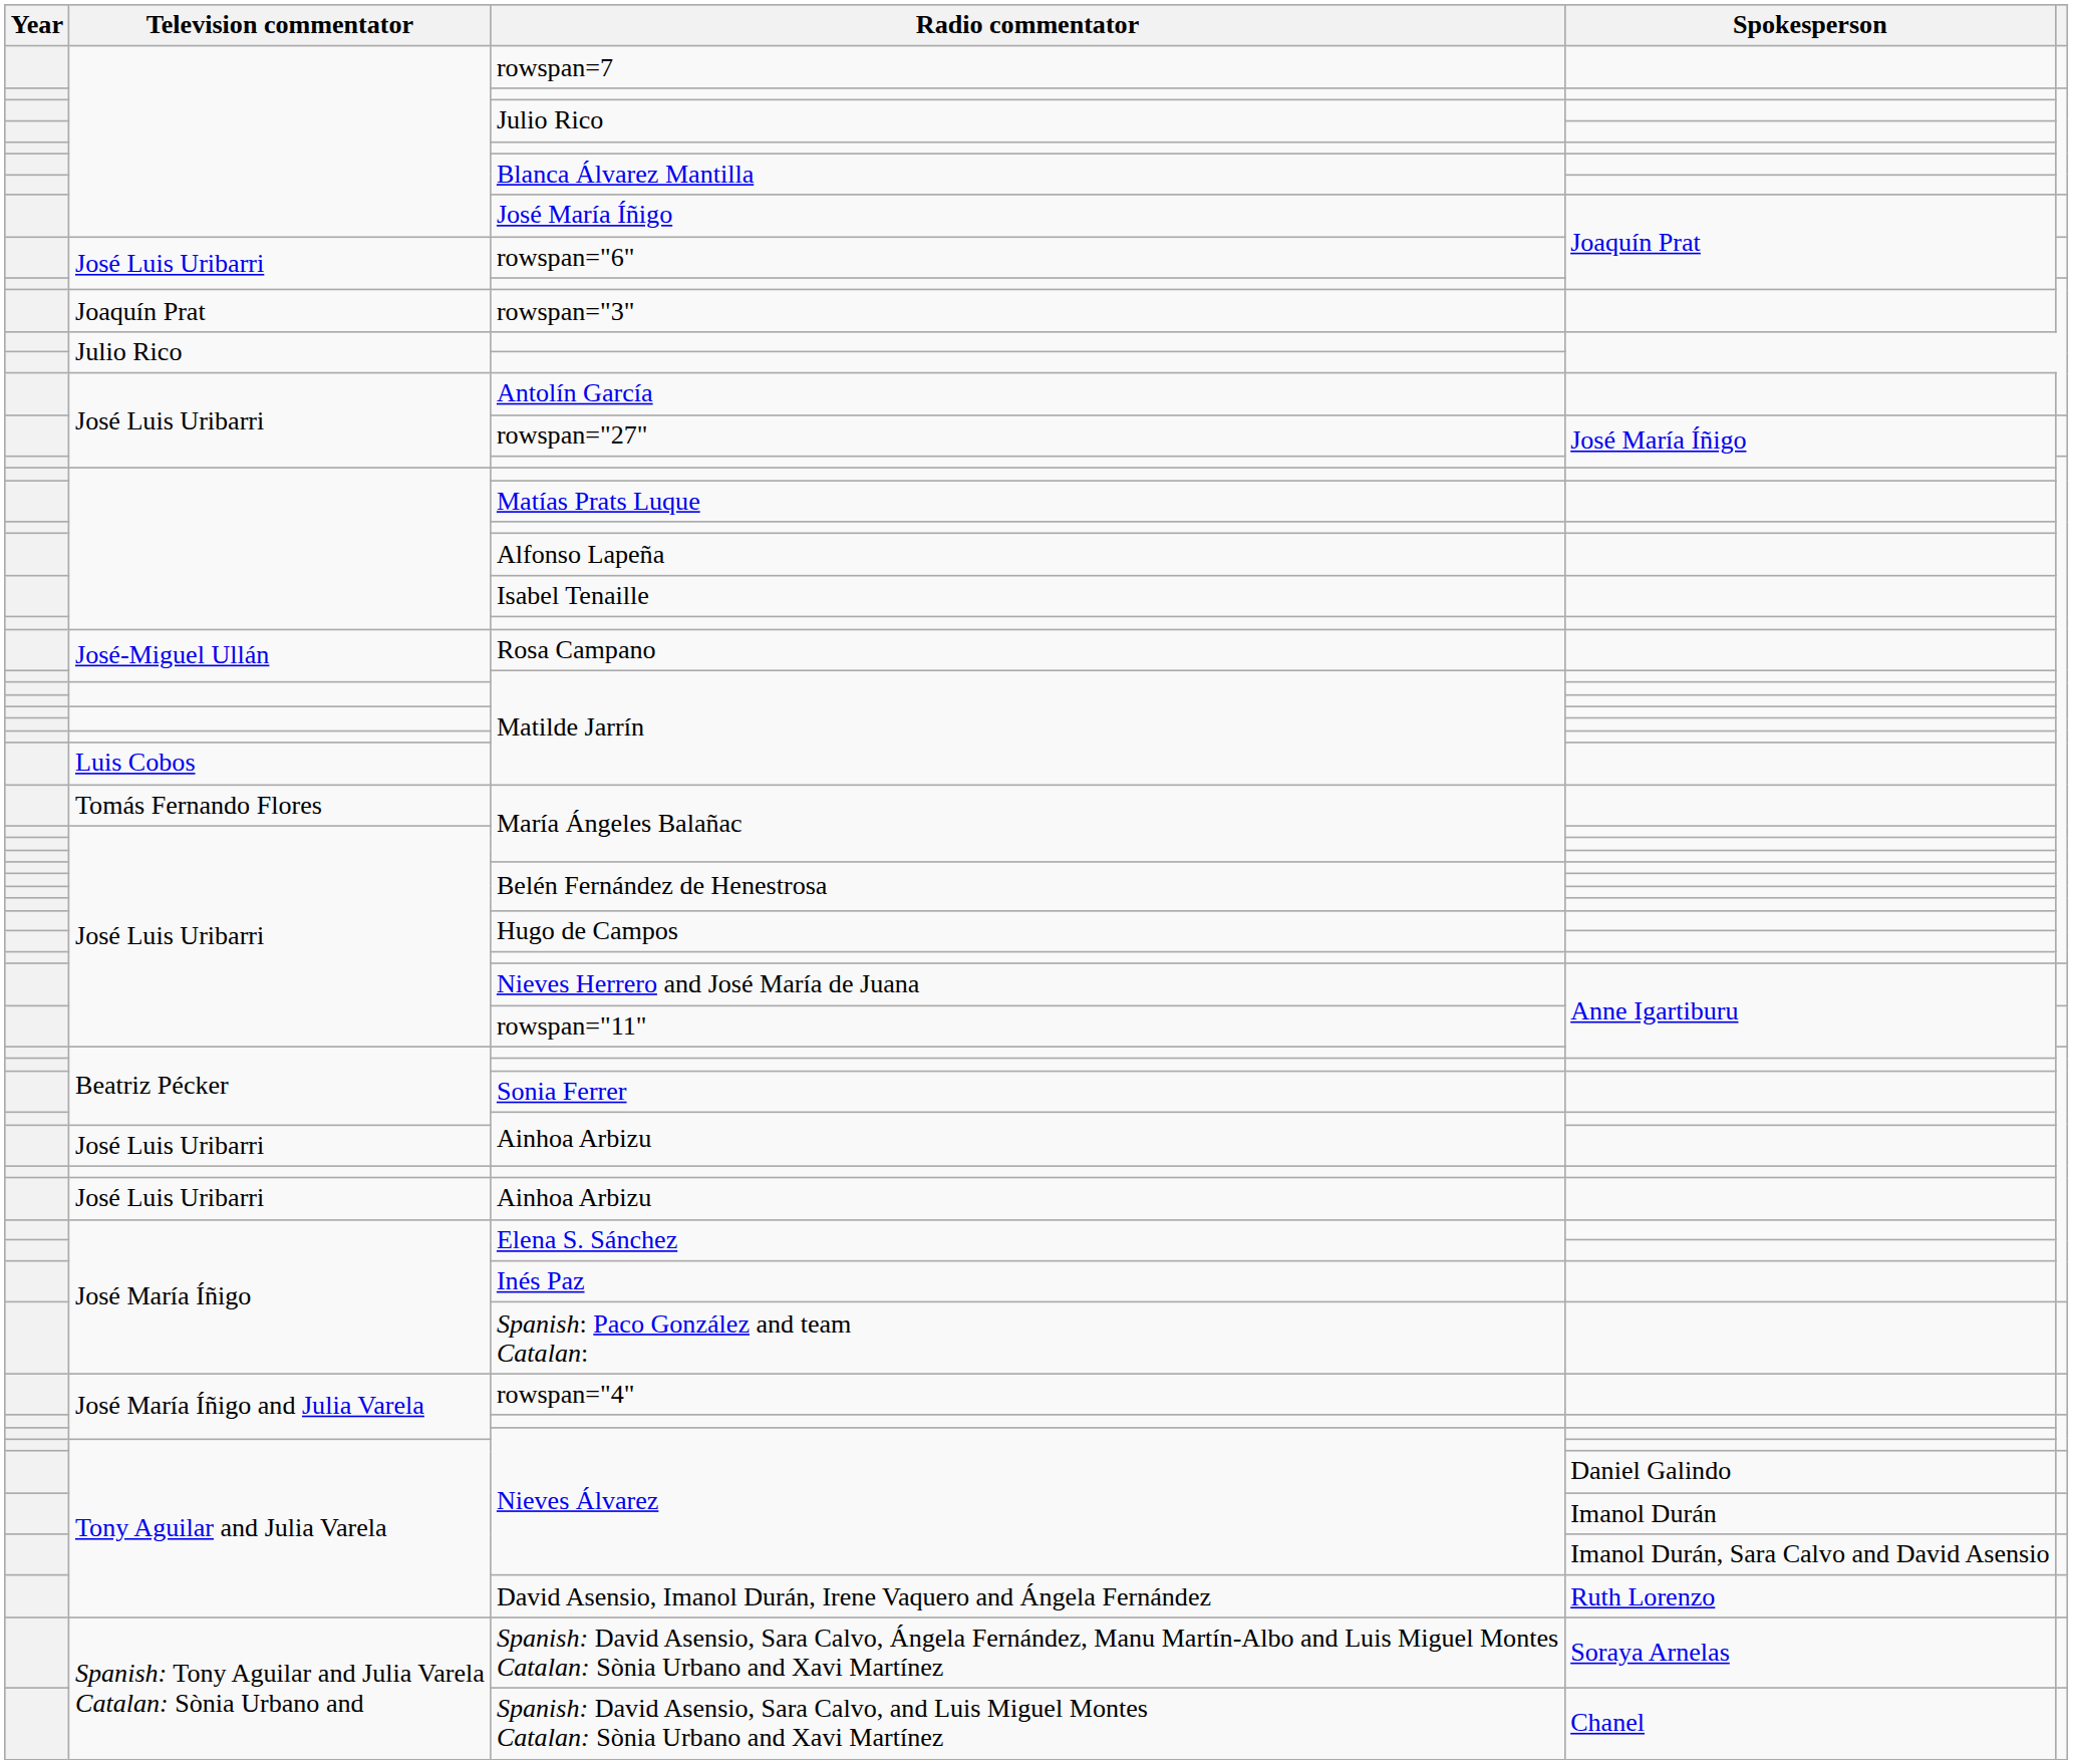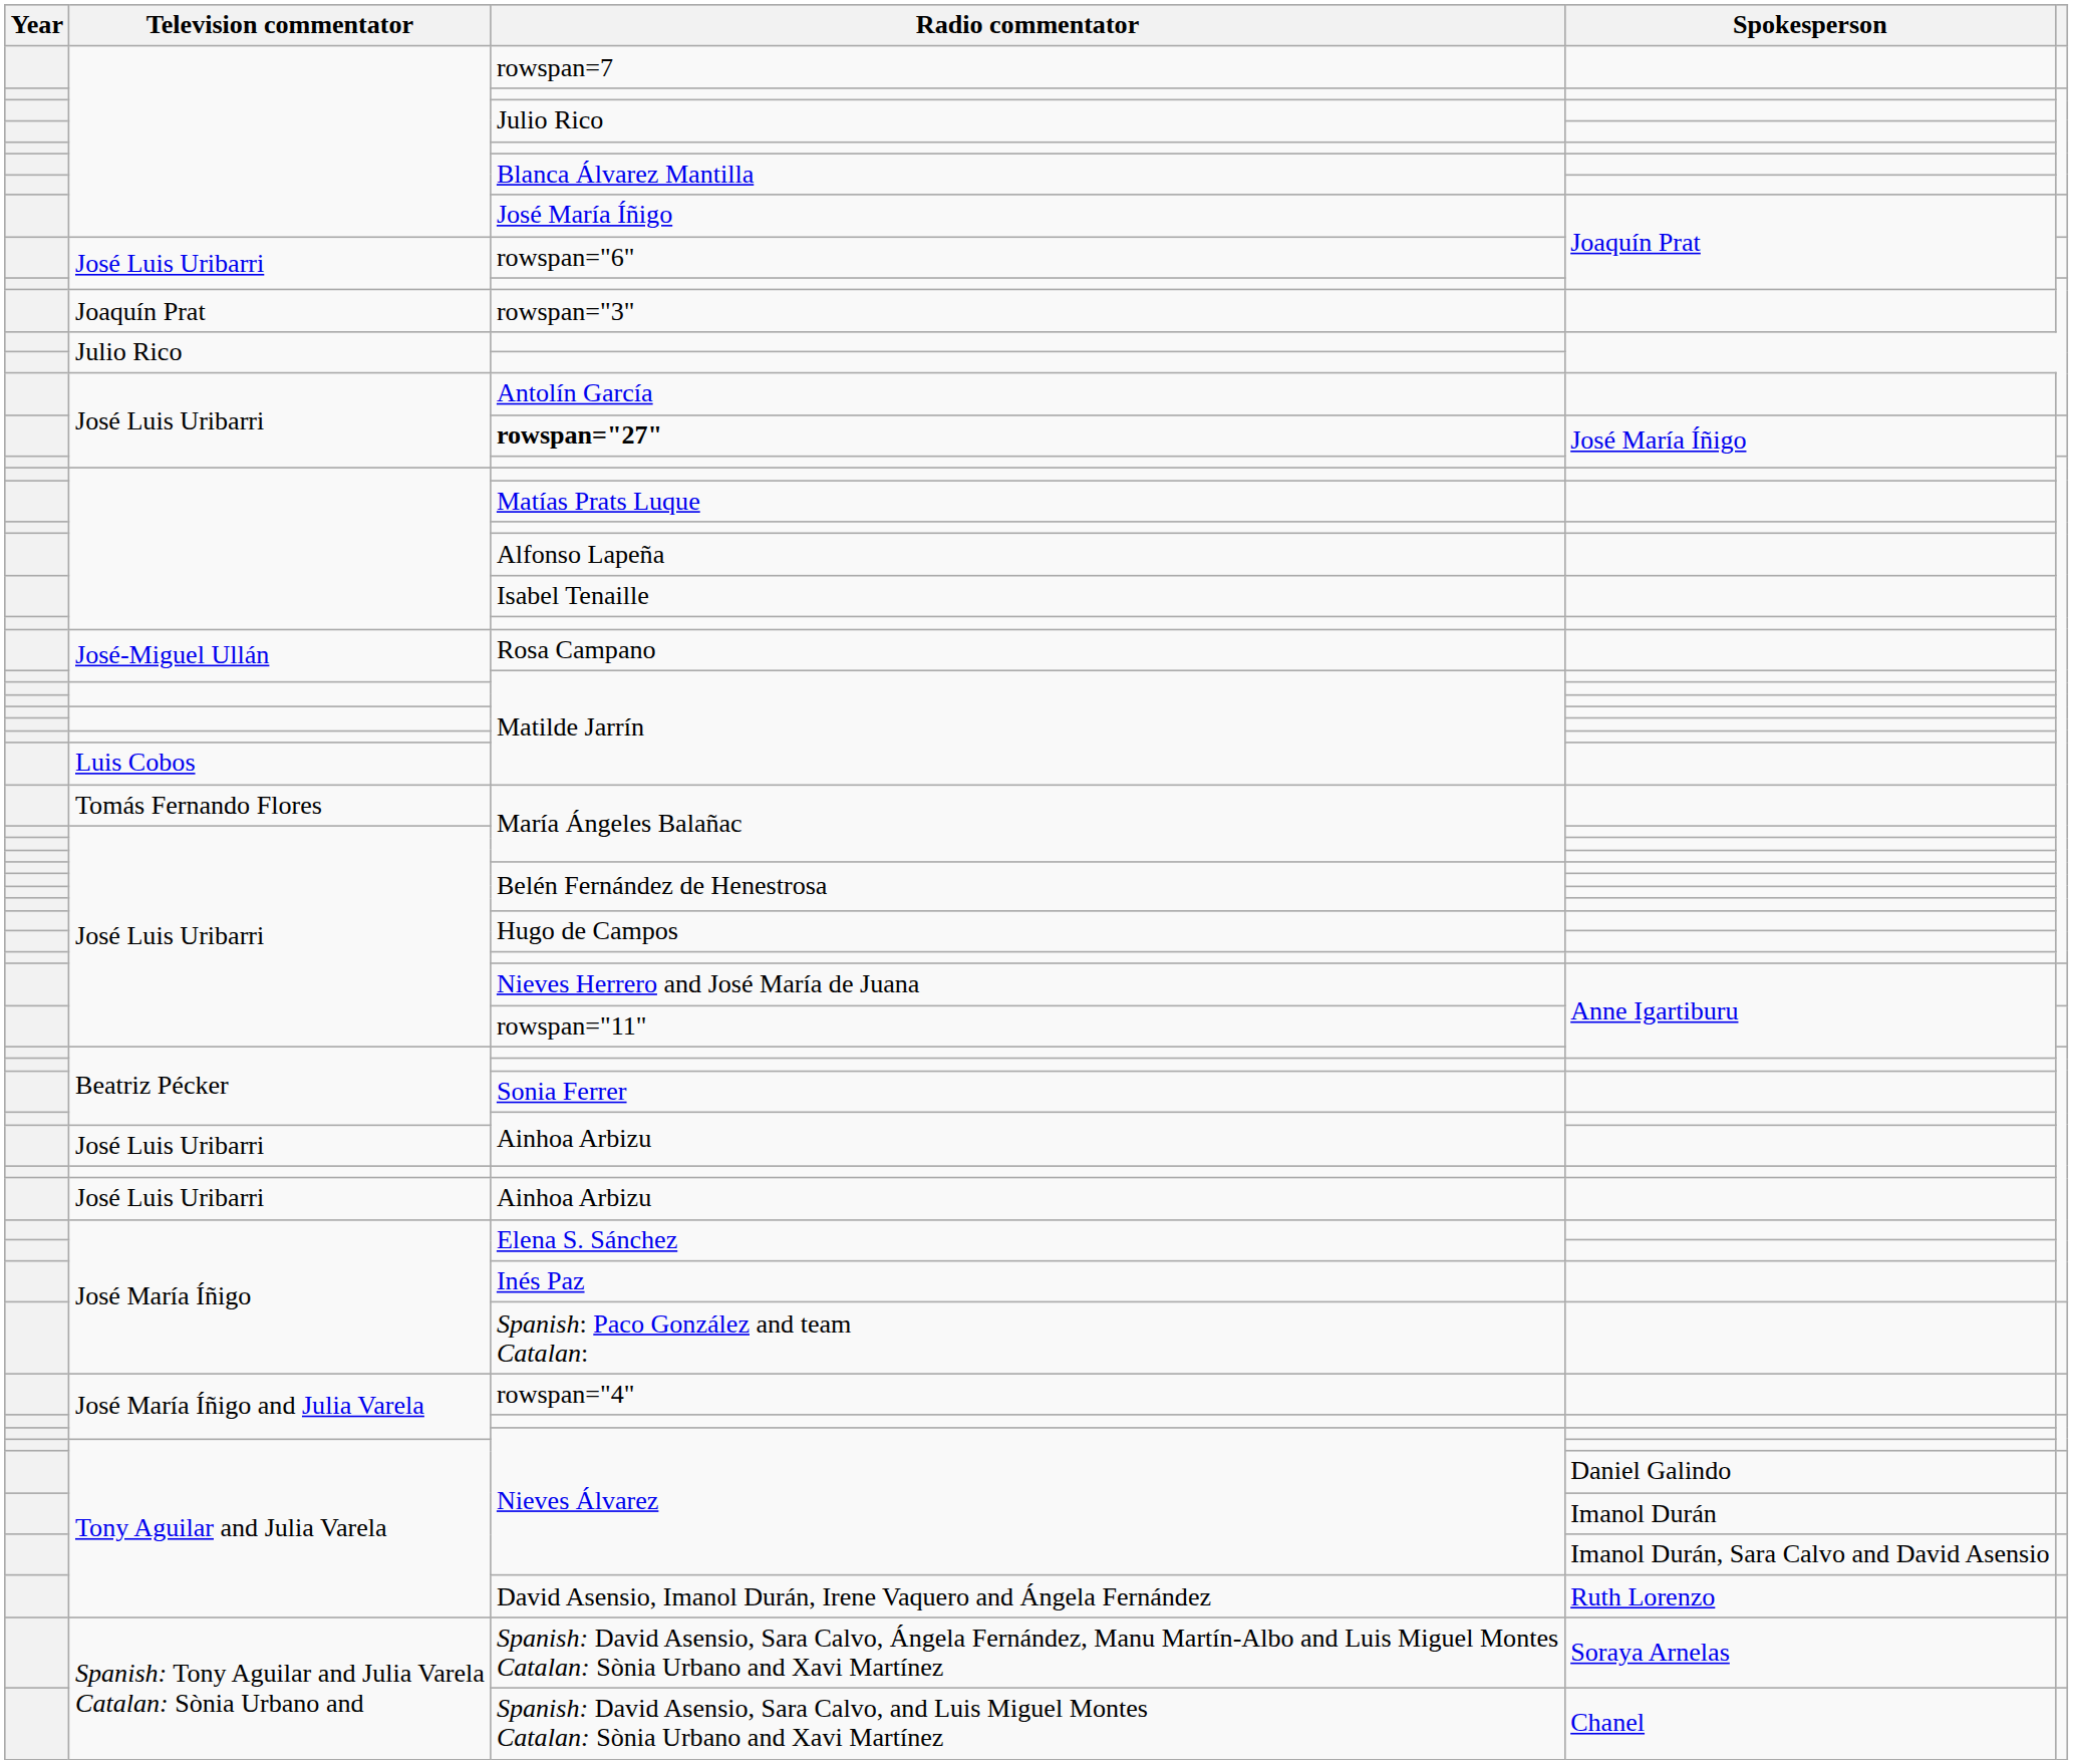 <table class="wikitable sortable plainrowheaders" text-align: left;">
 <tr>
 <th>Year</th>
 <th>Television commentator</th>
 <th>Radio commentator</th>
 <th>Spokesperson</th>
 <th class="unsortable"></th>
 </tr>
 <tr>
 <th scope="row"></th>
 <td rowspan="8"></td>
 <td>rowspan=7</td>
 <td></td>
 <td></td>
 </tr>
 <tr>
 <th scope="row"></th>
 <td></td>
 <td></td>
 </tr>
 <tr>
 <th scope="row"></th>
 <td rowspan="2">Julio Rico</td>
 <td></td>
 </tr>
 <tr>
 <th scope="row"></th>
 <td></td>
 </tr>
 <tr>
 <th scope="row"></th>
 <td></td>
 <td></td>
 </tr>
 <tr>
 <th scope="row"></th>
 <td rowspan="2"><a href='#'>Blanca Álvarez Mantilla</a></td>
 <td></td>
 </tr>
 <tr>
 <th scope="row"></th>
 <td></td>
 </tr>
 <tr>
 <th scope="row"></th>
 <td rowspan="1"><a href='#'>José María Íñigo</a></td>
 <td rowspan="3"><a href='#'>Joaquín Prat</a></td>
 <td></td>
 </tr>
 <tr>
 <th scope="row"></th>
 <td rowspan="2"><a href='#'>José Luis Uribarri</a></td>
 <td>rowspan="6"</td>
 <td></td>
 </tr>
 <tr>
 <th scope="row"></th>
 <td></td>
 </tr>
 <tr>
 <th scope="row"></th>
 <td>Joaquín Prat</td>
 <td>rowspan="3" </td>
 <td></td>
 </tr>
 <tr>
 <th scope="row"></th>
 <td rowspan="2">Julio Rico</td>
 <td></td>
 </tr>
 <tr>
 <th scope="row"></th>
 <td></td>
 </tr>
 <tr>
 <th scope="row"></th>
 <td rowspan="3">José Luis Uribarri</td>
 <td><a href='#'>Antolín García</a></td>
 <td></td>
 </tr>
 <tr>
 <th scope="row"></th>
-<td>rowspan="27"</td>
+<td><strong>rowspan="27"</strong></td>
 <td rowspan="2"><a href='#'>José María Íñigo</a></td>
 <td></td>
 </tr>
 <tr>
 <th scope="row"></th>
 <td></td>
 </tr>
 <tr>
 <th scope="row"></th>
 <td rowspan="6"></td>
 <td></td>
 <td></td>
 </tr>
 <tr>
 <th scope="row"></th>
 <td><a href='#'>Matías Prats Luque</a></td>
 <td></td>
 </tr>
 <tr>
 <th scope="row"></th>
 <td></td>
 <td></td>
 </tr>
 <tr>
 <th scope="row"></th>
 <td>Alfonso Lapeña</td>
 <td></td>
 </tr>
 <tr>
 <th scope="row"></th>
 <td>Isabel Tenaille</td>
 <td></td>
 </tr>
 <tr>
 <th scope="row"></th>
 <td></td>
 <td></td>
 </tr>
 <tr>
 <th scope="row"></th>
 <td rowspan="2"><a href='#'>José-Miguel Ullán</a></td>
 <td>Rosa Campano</td>
 <td></td>
 </tr>
 <tr>
 <th scope="row"></th>
 <td rowspan="7">Matilde Jarrín</td>
 <td></td>
 </tr>
 <tr>
 <th scope="row"></th>
 <td rowspan="2"></td>
 <td></td>
 </tr>
 <tr>
 <th scope="row"></th>
 <td></td>
 </tr>
 <tr>
 <th scope="row"></th>
 <td rowspan="2"></td>
 <td></td>
 </tr>
 <tr>
 <th scope="row"></th>
 <td></td>
 </tr>
 <tr>
 <th scope="row"></th>
 <td></td>
 <td></td>
 </tr>
 <tr>
 <th scope="row"></th>
 <td><a href='#'>Luis Cobos</a></td>
 <td></td>
 </tr>
 <tr>
 <th scope="row"></th>
 <td>Tomás Fernando Flores</td>
 <td rowspan="4">María Ángeles Balañac</td>
 <td></td>
 </tr>
 <tr>
 <th scope="row"></th>
 <td rowspan="12">José Luis Uribarri</td>
 <td></td>
 </tr>
 <tr>
 <th scope="row"></th>
 <td></td>
 </tr>
 <tr>
 <th scope="row"></th>
 <td></td>
 </tr>
 <tr>
 <th scope="row"></th>
 <td rowspan="4">Belén Fernández de Henestrosa</td>
 <td></td>
 </tr>
 <tr>
 <th scope="row"></th>
 <td></td>
 </tr>
 <tr>
 <th scope="row"></th>
 <td></td>
 </tr>
 <tr>
 <th scope="row"></th>
 <td></td>
 </tr>
 <tr>
 <th scope="row"></th>
 <td rowspan="2">Hugo de Campos</td>
 <td></td>
 </tr>
 <tr>
 <th scope="row"></th>
 <td></td>
 </tr>
 <tr>
 <th scope="row"></th>
 <td></td>
 <td></td>
 </tr>
 <tr>
 <th scope="row"></th>
 <td rowspan="1"><a href='#'>Nieves Herrero</a> and José María de Juana</td>
 <td rowspan="3"><a href='#'>Anne Igartiburu</a></td>
 <td></td>
 </tr>
 <tr>
 <th scope="row"></th>
 <td>rowspan="11"</td>
 <td></td>
 </tr>
 <tr>
 <th scope="row"></th>
 <td rowspan="4">Beatriz Pécker</td>
 <td></td>
 </tr>
 <tr>
 <th scope="row"></th>
 <td></td>
 <td></td>
 </tr>
 <tr>
 <th scope="row"></th>
 <td><a href='#'>Sonia Ferrer</a></td>
 <td></td>
 </tr>
 <tr>
 <th scope="row"></th>
 <td rowspan="2">Ainhoa Arbizu</td>
 <td></td>
 </tr>
 <tr>
 <th scope="row"></th>
 <td>José Luis Uribarri</td>
 <td></td>
 </tr>
 <tr>
 <th scope="row"></th>
 <td></td>
 <td></td>
 <td></td>
 </tr>
 <tr>
 <th scope="row"></th>
 <td>José Luis Uribarri</td>
 <td>Ainhoa Arbizu</td>
 <td></td>
 </tr>
 <tr>
 <th scope="row"></th>
 <td rowspan="4">José María Íñigo</td>
 <td rowspan="2"><a href='#'>Elena S. Sánchez</a></td>
 <td></td>
 </tr>
 <tr>
 <th scope="row"></th>
 <td></td>
 </tr>
 <tr>
 <th scope="row"></th>
 <td><a href='#'>Inés Paz</a></td>
 <td></td>
 </tr>
 <tr>
 <th scope="row"></th>
 <td><em>Spanish</em>: <a href='#'>Paco González</a> and  team<br><em>Catalan</em>: </td>
 <td></td>
 <td></td>
 </tr>
 <tr>
 <th scope="row"></th>
 <td rowspan="3">José María Íñigo and <a href='#'>Julia Varela</a></td>
 <td>rowspan="4"</td>
 <td></td>
 <td></td>
 </tr>
 <tr>
 <th scope="row"></th>
 <td></td>
 <td></td>
 </tr>
 <tr>
 <th scope="row"></th>
 <td rowspan="5"><a href='#'>Nieves Álvarez</a></td>
 <td></td>
 </tr>
 <tr>
 <th scope="row"></th>
 <td rowspan="5"><a href='#'>Tony Aguilar</a> and Julia Varela</td>
 <td></td>
 </tr>
 <tr>
 <th scope="row"></th>
 <td rowspan="1">Daniel Galindo</td>
 <td></td>
 </tr>
 <tr>
 <th scope="row"></th>
 <td rowspan="1">Imanol Durán</td>
 <td></td>
 </tr>
 <tr>
 <th scope="row"></th>
 <td>Imanol Durán, Sara Calvo and David Asensio</td>
 <td></td>
 </tr>
 <tr>
 <th scope="row"></th>
 <td>David Asensio, Imanol Durán, Irene Vaquero and Ángela Fernández</td>
 <td><a href='#'>Ruth Lorenzo</a></td>
 <td></td>
 </tr>
 <tr>
 <th scope="row"></th>
 <td rowspan="2"><em>Spanish:</em> Tony Aguilar and Julia Varela<br><em>Catalan:</em> Sònia Urbano and </td>
 <td><em>Spanish:</em> David Asensio, Sara Calvo, Ángela Fernández, Manu Martín-Albo and Luis Miguel Montes<br><em>Catalan:</em> Sònia Urbano and Xavi Martínez</td>
 <td><a href='#'>Soraya Arnelas</a></td>
 <td></td>
 </tr>
 <tr>
 <th scope="row"></th>
 <td><em>Spanish:</em> David Asensio, Sara Calvo, and Luis Miguel Montes<br><em>Catalan:</em> Sònia Urbano and Xavi Martínez</td>
 <td><a href='#'>Chanel</a></td>
 <td></td>
 </tr>
 </table>
